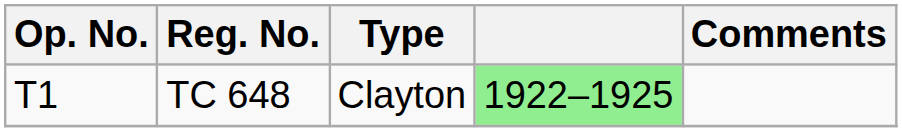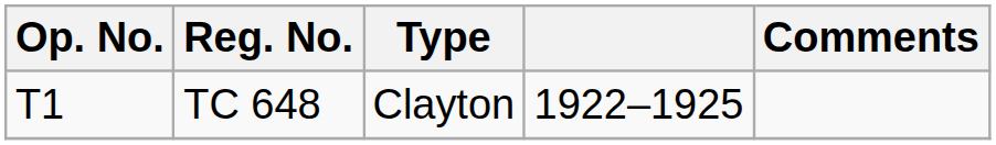 <table class="wikitable">
 <tr>
 <th>Op. No.</th>
 <th>Reg. No.</th>
 <th>Type</th>
 <th></th>
 <th>Comments</th>
 </tr>
 <tr>
 <td>T1</td>
 <td>TC 648</td>
 <td>Clayton</td>
-<td style="background: lightgreen;">1922–1925</td>
+<td>1922–1925</td>
 <td></td>
 </tr>
 <tr>
 </tr>
 </table>
